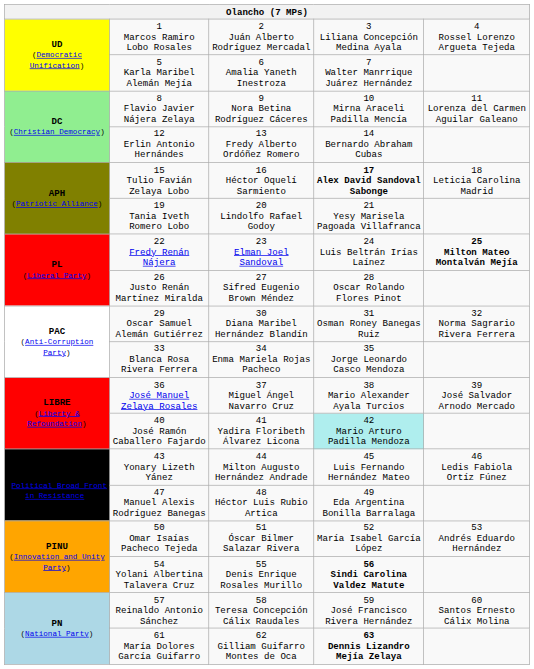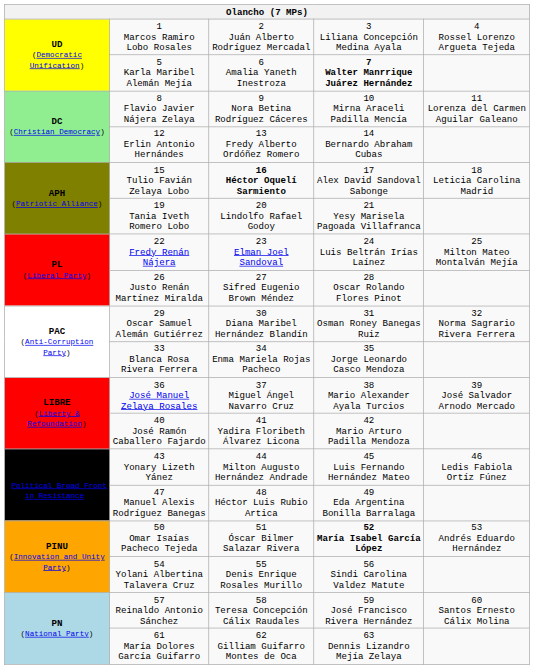 <table class="wikitable" align="center" style="width: 85%">
 <tr>
 <th colspan=24>Olancho (7 MPs)</th>
 </tr>
 <tr align="center">
 <td bgcolor="yellow" rowspan=2><span><span><strong>UD</strong></span></span><br><small>(<a href='#'>Democratic Unification</a>)</small></td>
 <td>1<br>Marcos Ramiro Lobo Rosales</td>
 <td>2<br>Juán Alberto Rodríguez Mercadal</td>
 <td>3<br>Liliana Concepción Medina Ayala</td>
 <td>4<br>Rossel Lorenzo Argueta Tejeda</td>
 </tr>
 <tr align="center">
 <td>5<br>Karla Maribel Alemán Mejía</td>
 <td>6<br>Amalia Yaneth Inestroza</td>
-<td>7<br>Walter Manrrique Juárez Hernández</td>
+<td><strong>7<br>Walter Manrrique Juárez Hernández</strong></td>
 </tr>
 <tr align="center">
 <td bgcolor="lightgreen" rowspan=2><span><span><strong>DC</strong></span></span><br><small>(<a href='#'>Christian Democracy</a>)</small></td>
 <td>8<br>Flavio Javier Nájera Zelaya</td>
 <td>9<br>Nora Betina Rodríguez Cáceres</td>
 <td>10<br>Mirna Araceli Padilla Mencía</td>
 <td>11<br>Lorenza del Carmen Aguilar Galeano</td>
 </tr>
 <tr align="center">
 <td>12<br>Erlin Antonio Hernándes</td>
 <td>13<br>Fredy Alberto Ordóñez Romero</td>
 <td>14<br>Bernardo Abraham Cubas</td>
 </tr>
 <tr align="center">
 <td bgcolor="olive" rowspan=2><span><span><strong>APH</strong></span></span><br><small>(<a href='#'>Patriotic Alliance</a>)</small></td>
 <td>15<br>Tulio Favián Zelaya Lobo</td>
-<td>16<br>Héctor Oquelí Sarmiento</td>
-<td><strong>17<br>Alex David Sandoval Sabonge</strong></td>
+<td><strong>16<br>Héctor Oquelí Sarmiento</strong></td>
+<td>17<br>Alex David Sandoval Sabonge</td>
 <td>18<br>Leticia Carolina Madrid</td>
 </tr>
 <tr align="center">
 <td>19<br>Tania Iveth Romero Lobo</td>
 <td>20<br>Lindolfo Rafael Godoy</td>
 <td>21<br>Yesy Marisela Pagoada Villafranca</td>
 </tr>
 <tr align="center">
 <td bgcolor="red" rowspan=2><span><span><strong>PL</strong></span></span><br><small>(<a href='#'>Liberal Party</a>)</small></td>
 <td>22<br><a href='#'>Fredy Renán Nájera</a></td>
 <td>23<br><a href='#'>Elman Joel Sandoval</a></td>
 <td>24<br>Luis Beltrán Irías Laínez</td>
-<td><strong>25<br>Milton Mateo Montalván Mejía</strong></td>
+<td>25<br>Milton Mateo Montalván Mejía</td>
 </tr>
 <tr align="center">
 <td>26<br>Justo Renán Martínez Miralda</td>
 <td>27<br>Sifred Eugenio Brown Méndez</td>
 <td>28<br>Oscar Rolando Flores Pinot</td>
 </tr>
 <tr align="center">
 <td bgcolor="white" rowspan=2><span><span><strong>PAC</strong></span></span><br><small>(<a href='#'>Anti-Corruption Party</a>)</small></td>
 <td>29<br>Oscar Samuel Alemán Gutiérrez</td>
 <td>30<br>Diana Maribel Hernández Blandín</td>
 <td>31<br>Osman Roney Banegas Ruiz</td>
 <td>32<br>Norma Sagrario Rivera Ferrera</td>
 </tr>
 <tr align="center">
 <td>33<br>Blanca Rosa Rivera Ferrera</td>
 <td>34<br>Enma Mariela Rojas Pacheco</td>
 <td>35<br>Jorge Leonardo Casco Mendoza</td>
 </tr>
 <tr align="center">
 <td bgcolor="red" rowspan=2><span><span><strong>LIBRE</strong></span></span><br><small>(<a href='#'>Liberty & Refoundation</a>)</small></td>
 <td>36<br><a href='#'>José Manuel Zelaya Rosales</a></td>
 <td>37<br>Miguel Ángel Navarro Cruz</td>
 <td>38<br>Mario Alexander Ayala Turcios</td>
 <td>39<br>José Salvador Arnodo Mercado</td>
 </tr>
 <tr align="center">
 <td>40<br>José Ramón Caballero Fajardo</td>
 <td>41<br>Yadira Floribeth Álvarez Licona</td>
-<td style="background: paleturquoise;">42<br>Mario Arturo Padilla Mendoza</td>
+<td>42<br>Mario Arturo Padilla Mendoza</td>
 </tr>
 <tr align="center">
 <td bgcolor="black" rowspan=2><span><span><strong>FAPER</strong></span></span><br><small>(<a href='#'>Political Broad Front in Resistance</a>)</small></td>
 <td>43<br>Yonary Lizeth Yánez</td>
 <td>44<br>Milton Augusto Hernández Andrade</td>
 <td>45<br>Luis Fernando Hernández Mateo</td>
 <td>46<br>Ledis Fabiola Ortíz Fúnez</td>
 </tr>
 <tr align="center">
 <td>47<br>Manuel Alexis Rodríguez Banegas</td>
 <td>48<br>Héctor Luis Rubio Artica</td>
 <td>49<br>Eda Argentina Bonilla Barralaga</td>
 </tr>
 <tr align="center">
 <td bgcolor="orange" rowspan=2><span><span><strong>PINU</strong></span></span><br><small>(<a href='#'>Innovation and Unity Party</a>)</small></td>
 <td>50<br>Omar Isaías Pacheco Tejeda</td>
 <td>51<br>Óscar Bilmer Salazar Rivera</td>
-<td>52<br>María Isabel García López</td>
+<td><strong>52<br>María Isabel García López</strong></td>
 <td>53<br>Andrés Eduardo Hernández</td>
 </tr>
 <tr align="center">
 <td>54<br>Yolani Albertina Talavera Cruz</td>
 <td>55<br>Denis Enrique Rosales Murillo</td>
-<td><strong>56<br>Sindi Carolina Valdez Matute</strong></td>
+<td>56<br>Sindi Carolina Valdez Matute</td>
 </tr>
 <tr align="center">
 <td bgcolor="lightblue" rowspan=2><span><span><strong>PN</strong></span></span><br><small>(<a href='#'>National Party</a>)</small></td>
 <td>57<br>Reinaldo Antonio Sánchez</td>
 <td>58<br>Teresa Concepción Cálix Raudales</td>
 <td>59<br>José Francisco Rivera Hernández</td>
 <td>60<br>Santos Ernesto Cálix Molina</td>
 </tr>
 <tr align="center">
 <td>61<br>María Dolores García Guifarro</td>
 <td>62<br>Gilliam Guifarro Montes de Oca</td>
-<td><strong>63<br>Dennis Lizandro Mejía Zelaya</strong></td>
+<td>63<br>Dennis Lizandro Mejía Zelaya</td>
 </tr>
 </table>
